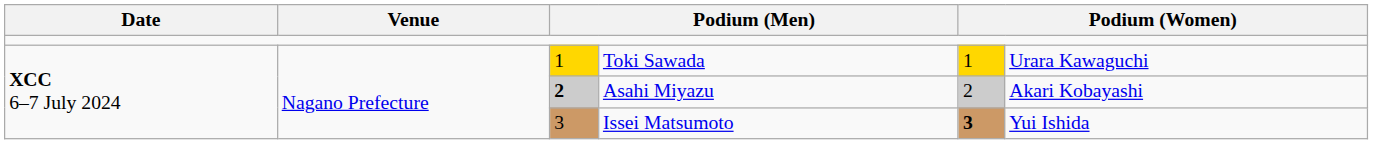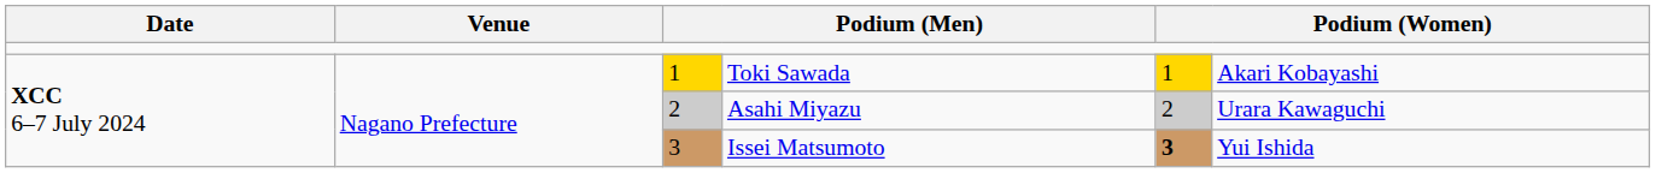 <table class="wikitable" width=70%>
 <tr>
 <th>Date</th>
 <th width=20%>Venue</th>
 <th colspan=2 width=30%>Podium (Men)</th>
 <th colspan=2 width=30%>Podium (Women)</th>
 </tr>
 <tr>
 <td colspan=6></td>
 </tr>
 <tr>
 <td rowspan=3><strong>XCC</strong> <br> 6–7 July 2024</td>
 <td rowspan=3><br><a href='#'>Nagano Prefecture</a></td>
 <td bgcolor=FFD700>1</td>
 <td><a href='#'>Toki Sawada</a></td>
 <td bgcolor=FFD700>1</td>
-<td><a href='#'>Urara Kawaguchi</a></td>
+<td><a href='#'>Akari Kobayashi</a></td>
 </tr>
 <tr>
-<td bgcolor=CCCCCC><strong>2</strong></td>
+<td bgcolor=CCCCCC>2</td>
 <td><a href='#'>Asahi Miyazu</a></td>
 <td bgcolor=CCCCCC>2</td>
-<td><a href='#'>Akari Kobayashi</a></td>
+<td><a href='#'>Urara Kawaguchi</a></td>
 </tr>
 <tr>
 <td bgcolor=CC9966>3</td>
 <td><a href='#'>Issei Matsumoto</a></td>
 <td bgcolor=CC9966><strong>3</strong></td>
 <td><a href='#'>Yui Ishida</a></td>
 </tr>
 </table>
